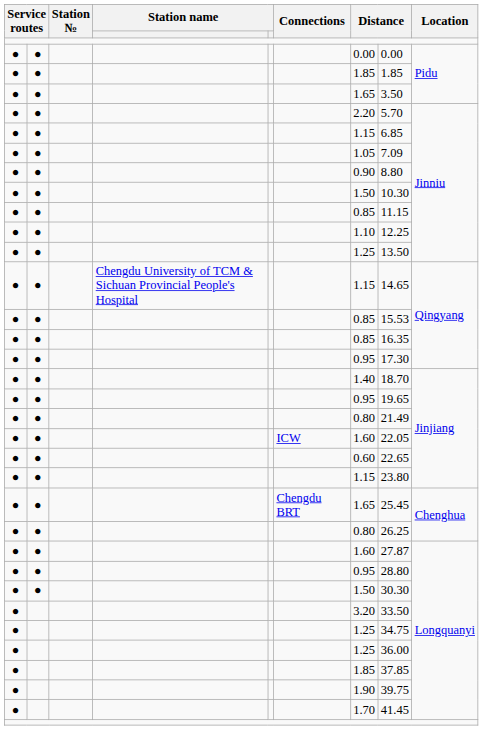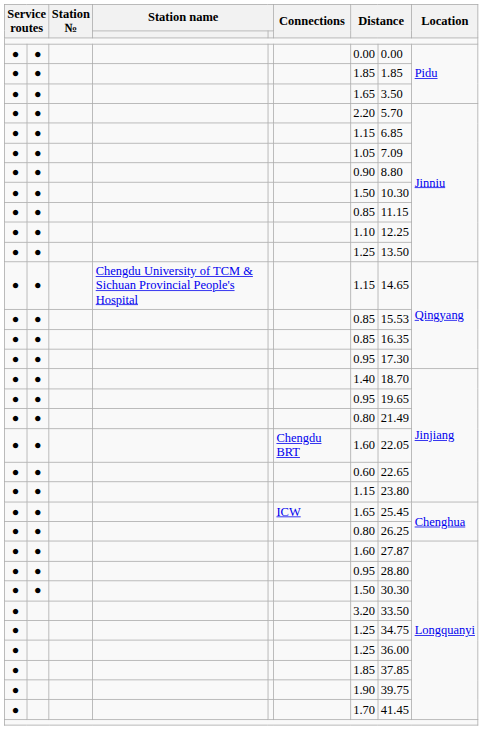 <table class="wikitable">
 <tr>
 <th rowspan="2" colspan="2">Service<br>routes</th>
 <th rowspan="2">Station<br>№</th>
 <th colspan="2">Station name</th>
 <th rowspan="2">Connections</th>
 <th colspan="2" rowspan="2">Distance<br></th>
 <th rowspan="2">Location</th>
 </tr>
 <tr>
 <th></th>
 <th></th>
 </tr>
 <tr style="background:#">
 <td colspan="9"></td>
 </tr>
 <tr>
 <td align="center">●</td>
 <td align="center">●</td>
 <td></td>
 <td></td>
 <td></td>
 <td> </td>
 <td>0.00</td>
 <td>0.00</td>
 <td rowspan="3"><a href='#'>Pidu</a></td>
 </tr>
 <tr>
 <td align="center">●</td>
 <td align="center">●</td>
 <td></td>
 <td></td>
 <td></td>
 <td></td>
 <td>1.85</td>
 <td>1.85</td>
 </tr>
 <tr>
 <td align="center">●</td>
 <td align="center">●</td>
 <td></td>
 <td></td>
 <td></td>
 <td></td>
 <td>1.65</td>
 <td>3.50</td>
 </tr>
 <tr>
 <td align="center">●</td>
 <td align="center">●</td>
 <td></td>
 <td></td>
 <td></td>
 <td></td>
 <td>2.20</td>
 <td>5.70</td>
 <td rowspan="8"><a href='#'>Jinniu</a></td>
 </tr>
 <tr>
 <td align="center">●</td>
 <td align="center">●</td>
 <td></td>
 <td></td>
 <td></td>
 <td></td>
 <td>1.15</td>
 <td>6.85</td>
 </tr>
 <tr>
 <td align="center">●</td>
 <td align="center">●</td>
 <td></td>
 <td></td>
 <td></td>
 <td></td>
 <td>1.05</td>
 <td>7.09</td>
 </tr>
 <tr>
 <td align="center">●</td>
 <td align="center">●</td>
 <td></td>
 <td></td>
 <td></td>
 <td></td>
 <td>0.90</td>
 <td>8.80</td>
 </tr>
 <tr>
 <td align="center">●</td>
 <td align="center">●</td>
 <td></td>
 <td></td>
 <td></td>
 <td></td>
 <td>1.50</td>
 <td>10.30</td>
 </tr>
 <tr>
 <td align="center">●</td>
 <td align="center">●</td>
 <td></td>
 <td></td>
 <td></td>
 <td></td>
 <td>0.85</td>
 <td>11.15</td>
 </tr>
 <tr>
 <td align="center">●</td>
 <td align="center">●</td>
 <td></td>
 <td></td>
 <td></td>
 <td></td>
 <td>1.10</td>
 <td>12.25</td>
 </tr>
 <tr>
 <td align="center">●</td>
 <td align="center">●</td>
 <td></td>
 <td></td>
 <td></td>
 <td></td>
 <td>1.25</td>
 <td>13.50</td>
 </tr>
 <tr>
 <td align="center">●</td>
 <td align="center">●</td>
 <td></td>
 <td><a href='#'>Chengdu University of TCM &<br>Sichuan Provincial People's Hospital</a></td>
 <td></td>
 <td> </td>
 <td>1.15</td>
 <td>14.65</td>
 <td rowspan="4"><a href='#'>Qingyang</a></td>
 </tr>
 <tr>
 <td align="center">●</td>
 <td align="center">●</td>
 <td></td>
 <td></td>
 <td></td>
 <td></td>
 <td>0.85</td>
 <td>15.53</td>
 </tr>
 <tr>
 <td align="center">●</td>
 <td align="center">●</td>
 <td></td>
 <td></td>
 <td></td>
 <td> </td>
 <td>0.85</td>
 <td>16.35</td>
 </tr>
 <tr>
 <td align="center">●</td>
 <td align="center">●</td>
 <td></td>
 <td></td>
 <td></td>
 <td></td>
 <td>0.95</td>
 <td>17.30</td>
 </tr>
 <tr>
 <td align="center">●</td>
 <td align="center">●</td>
 <td></td>
 <td></td>
 <td></td>
 <td></td>
 <td>1.40</td>
 <td>18.70</td>
 <td rowspan="6"><a href='#'>Jinjiang</a></td>
 </tr>
 <tr>
 <td align="center">●</td>
 <td align="center">●</td>
 <td></td>
 <td></td>
 <td></td>
 <td></td>
 <td>0.95</td>
 <td>19.65</td>
 </tr>
 <tr>
 <td align="center">●</td>
 <td align="center">●</td>
 <td></td>
 <td></td>
 <td></td>
 <td></td>
 <td>0.80</td>
 <td>21.49</td>
 </tr>
 <tr>
 <td align="center">●</td>
 <td align="center">●</td>
 <td></td>
 <td></td>
 <td></td>
-<td>  <a href='#'>ICW</a></td>
+<td> <a href='#'>Chengdu BRT</a></td>
 <td>1.60</td>
 <td>22.05</td>
 </tr>
 <tr>
 <td align="center">●</td>
 <td align="center">●</td>
 <td></td>
 <td></td>
 <td></td>
 <td></td>
 <td>0.60</td>
 <td>22.65</td>
 </tr>
 <tr>
 <td align="center">●</td>
 <td align="center">●</td>
 <td></td>
 <td></td>
 <td></td>
 <td></td>
 <td>1.15</td>
 <td>23.80</td>
 </tr>
 <tr>
 <td align="center">●</td>
 <td align="center">●</td>
 <td></td>
 <td></td>
 <td></td>
-<td> <a href='#'>Chengdu BRT</a></td>
+<td>  <a href='#'>ICW</a></td>
 <td>1.65</td>
 <td>25.45</td>
 <td rowspan="2"><a href='#'>Chenghua</a></td>
 </tr>
 <tr>
 <td align="center">●</td>
 <td align="center">●</td>
 <td></td>
 <td></td>
 <td></td>
 <td></td>
 <td>0.80</td>
 <td>26.25</td>
 </tr>
 <tr>
 <td align="center">●</td>
 <td align="center">●</td>
 <td></td>
 <td></td>
 <td></td>
 <td></td>
 <td>1.60</td>
 <td>27.87</td>
 <td rowspan="9"><a href='#'>Longquanyi</a></td>
 </tr>
 <tr>
 <td align="center">●</td>
 <td align="center">●</td>
 <td></td>
 <td></td>
 <td></td>
 <td></td>
 <td>0.95</td>
 <td>28.80</td>
 </tr>
 <tr>
 <td align="center">●</td>
 <td align="center">●</td>
 <td></td>
 <td></td>
 <td></td>
 <td></td>
 <td>1.50</td>
 <td>30.30</td>
 </tr>
 <tr>
 <td align="center">●</td>
 <td align="center"></td>
 <td></td>
 <td></td>
 <td></td>
 <td></td>
 <td>3.20</td>
 <td>33.50</td>
 </tr>
 <tr>
 <td align="center">●</td>
 <td align="center"></td>
 <td></td>
 <td></td>
 <td></td>
 <td></td>
 <td>1.25</td>
 <td>34.75</td>
 </tr>
 <tr>
 <td align="center">●</td>
 <td align="center"></td>
 <td></td>
 <td></td>
 <td></td>
 <td></td>
 <td>1.25</td>
 <td>36.00</td>
 </tr>
 <tr>
 <td align="center">●</td>
 <td align="center"></td>
 <td></td>
 <td></td>
 <td></td>
 <td></td>
 <td>1.85</td>
 <td>37.85</td>
 </tr>
 <tr>
 <td align="center">●</td>
 <td align="center"></td>
 <td></td>
 <td></td>
 <td></td>
 <td></td>
 <td>1.90</td>
 <td>39.75</td>
 </tr>
 <tr>
 <td align="center">●</td>
 <td align="center"></td>
 <td></td>
 <td></td>
 <td></td>
 <td></td>
 <td>1.70</td>
 <td>41.45</td>
 </tr>
 <tr style="background:#">
 <td colspan="9"></td>
 </tr>
 </table>
